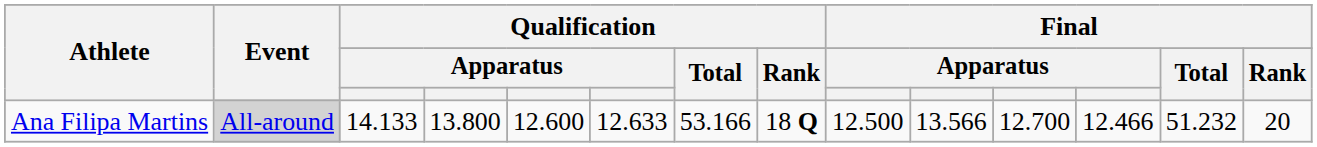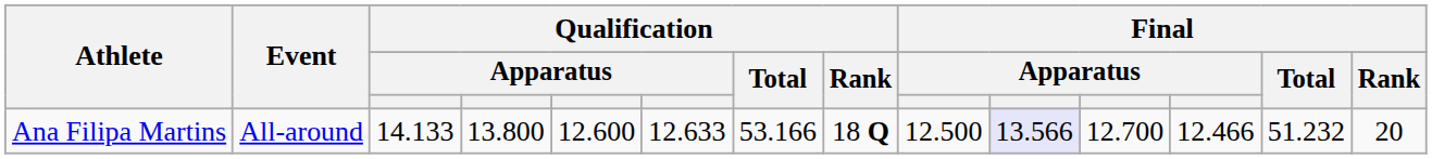 <table class="wikitable" style="font-size:90%">
 <tr>
 <th rowspan=3>Athlete</th>
 <th rowspan=3>Event</th>
 <th colspan=6>Qualification</th>
 <th colspan=6>Final</th>
 </tr>
 <tr style="font-size:95%">
 <th colspan=4>Apparatus</th>
 <th rowspan=2>Total</th>
 <th rowspan=2>Rank</th>
 <th colspan=4>Apparatus</th>
 <th rowspan=2>Total</th>
 <th rowspan=2>Rank</th>
 </tr>
 <tr style="font-size:95%">
 <th></th>
 <th></th>
 <th></th>
 <th></th>
 <th></th>
 <th></th>
 <th></th>
 <th></th>
 </tr>
 <tr align=center>
 <td align=left><a href='#'>Ana Filipa Martins</a></td>
-<td align=left style="background: lightgrey;"><a href='#'>All-around</a></td>
+<td align=left><a href='#'>All-around</a></td>
 <td>14.133</td>
 <td>13.800</td>
 <td>12.600</td>
 <td>12.633</td>
 <td>53.166</td>
 <td>18 <strong>Q</strong></td>
 <td>12.500</td>
-<td>13.566</td>
+<td style="background: lavender;">13.566</td>
 <td>12.700</td>
 <td>12.466</td>
 <td>51.232</td>
 <td>20</td>
 </tr>
 </table>
